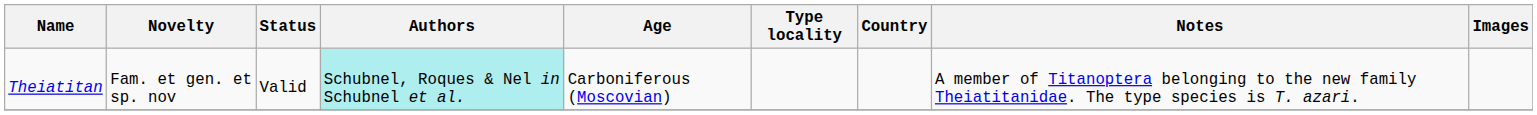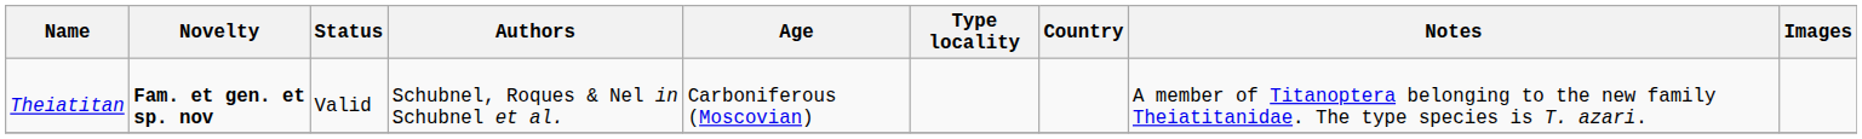 <table class="wikitable sortable" align="center" width="100%">
 <tr>
 <th>Name</th>
 <th>Novelty</th>
 <th>Status</th>
 <th>Authors</th>
 <th>Age</th>
 <th>Type locality</th>
 <th>Country</th>
 <th>Notes</th>
 <th>Images</th>
 </tr>
 <tr>
 <td><br><em><a href='#'>Theiatitan</a></em></td>
-<td><br>Fam. et gen. et sp. nov</td>
+<td><strong><br>Fam. et gen. et sp. nov</strong></td>
 <td><br>Valid</td>
-<td style="background: paleturquoise;"><br>Schubnel, Roques & Nel <em>in</em> Schubnel <em>et al.</em></td>
+<td><br>Schubnel, Roques & Nel <em>in</em> Schubnel <em>et al.</em></td>
 <td><br>Carboniferous (<a href='#'>Moscovian</a>)</td>
 <td></td>
 <td><br></td>
 <td><br>A member of <a href='#'>Titanoptera</a> belonging to the new family <a href='#'>Theiatitanidae</a>. The type species is <em>T. azari</em>.</td>
 <td></td>
 </tr>
 <tr>
 </tr>
 </table>
